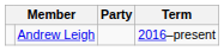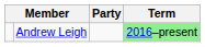 <table class="wikitable">
 <tr>
 <th colspan="2">Member</th>
 <th>Party</th>
 <th>Term</th>
 </tr>
 <tr>
 <td> </td>
 <td><a href='#'>Andrew Leigh</a></td>
 <td></td>
-<td><a href='#'>2016</a>–present</td>
+<td style="background: lightgreen;"><a href='#'>2016</a>–present</td>
 </tr>
 </table>
